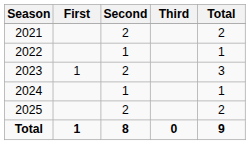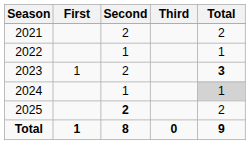 <table class="wikitable" style="text-align:center">
 <tr>
 <th width = "55">Season</th>
 <th width = "55">First</th>
 <th width = "55">Second</th>
 <th width = "55">Third</th>
 <th width = "55">Total</th>
 </tr>
 <tr>
 </tr>
 <tr>
 <td>2021</td>
 <td></td>
 <td>2</td>
 <td></td>
 <td>2</td>
 </tr>
 <tr>
 <td>2022</td>
 <td></td>
 <td>1</td>
 <td></td>
 <td>1</td>
 </tr>
 <tr>
 <td>2023</td>
 <td>1</td>
 <td>2</td>
 <td></td>
-<td>3</td>
+<td><strong>3</strong></td>
 </tr>
 <tr>
 <td>2024</td>
 <td></td>
 <td>1</td>
 <td></td>
-<td>1</td>
+<td style="background: lightgrey;">1</td>
 </tr>
 <tr>
 <td>2025</td>
 <td></td>
-<td>2</td>
+<td><strong>2</strong></td>
 <td></td>
 <td>2</td>
 </tr>
 <tr>
 <td><strong>Total</strong></td>
 <td><strong>1</strong></td>
 <td><strong>8</strong></td>
 <td><strong>0</strong></td>
 <td><strong>9</strong></td>
 </tr>
 </table>
